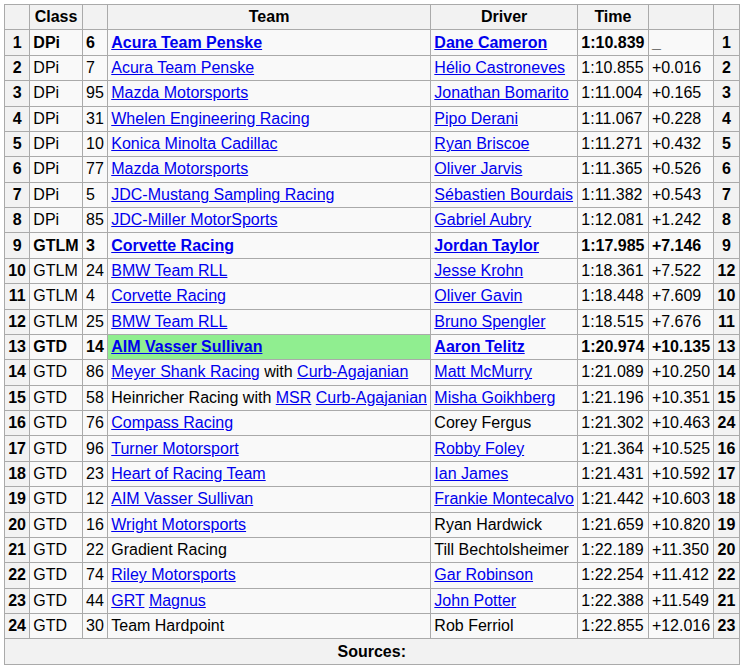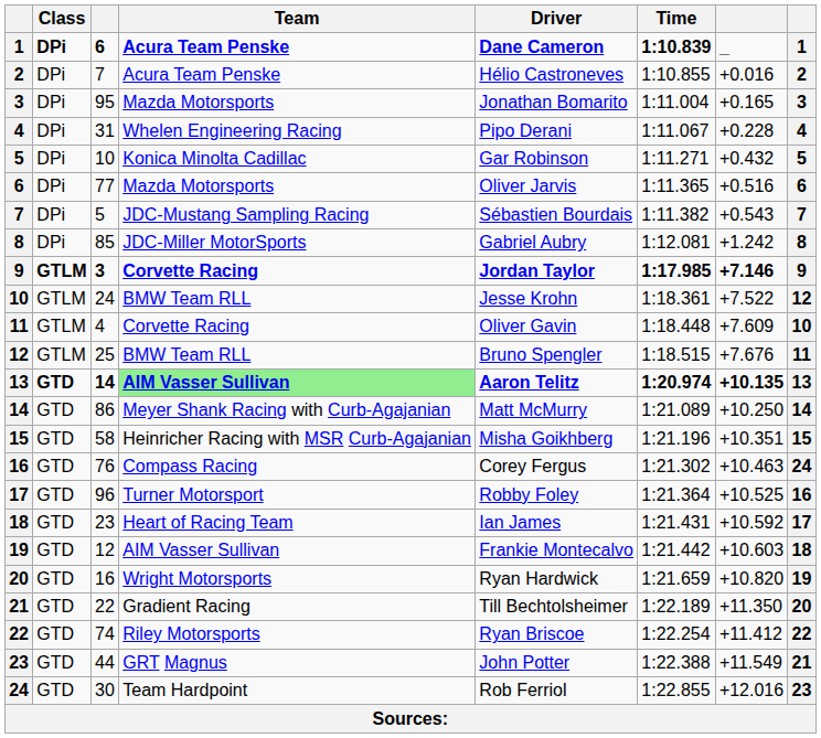 <table class="wikitable">
 <tr>
 <th scope="col"></th>
 <th scope="col">Class</th>
 <th scope="col"></th>
 <th scope="col">Team</th>
 <th scope="col">Driver</th>
 <th scope="col">Time</th>
 <th scope="col"></th>
 <th scope="col"></th>
 </tr>
 <tr style="font-weight:bold">
 <th scope="row">1</th>
 <td>DPi</td>
 <td>6</td>
 <td> <a href='#'>Acura Team Penske</a></td>
 <td> <a href='#'>Dane Cameron</a></td>
 <td>1:10.839</td>
 <td><strong>_</strong></td>
 <th><strong>1</strong></th>
 </tr>
 <tr>
 <th scope="row">2</th>
 <td>DPi</td>
 <td>7</td>
 <td> <a href='#'>Acura Team Penske</a></td>
 <td> <a href='#'>Hélio Castroneves</a></td>
 <td>1:10.855</td>
 <td>+0.016</td>
 <th>2</th>
 </tr>
 <tr>
 <th scope="row">3</th>
 <td>DPi</td>
 <td>95</td>
 <td> <a href='#'>Mazda Motorsports</a></td>
 <td> <a href='#'>Jonathan Bomarito</a></td>
 <td>1:11.004</td>
 <td>+0.165</td>
 <th>3</th>
 </tr>
 <tr>
 <th scope="row">4</th>
 <td>DPi</td>
 <td>31</td>
 <td> <a href='#'>Whelen Engineering Racing</a></td>
 <td> <a href='#'>Pipo Derani</a></td>
 <td>1:11.067</td>
 <td>+0.228</td>
 <th>4</th>
 </tr>
 <tr>
 <th scope="row">5</th>
 <td>DPi</td>
 <td>10</td>
 <td> <a href='#'>Konica Minolta Cadillac</a></td>
-<td> <a href='#'>Ryan Briscoe</a></td>
+<td> <a href='#'>Gar Robinson</a></td>
 <td>1:11.271</td>
 <td>+0.432</td>
 <th>5</th>
 </tr>
 <tr>
 <th scope="row">6</th>
 <td>DPi</td>
 <td>77</td>
 <td> <a href='#'>Mazda Motorsports</a></td>
 <td> <a href='#'>Oliver Jarvis</a></td>
 <td>1:11.365</td>
-<td>+0.526</td>
+<td>+0.516</td>
 <th>6</th>
 </tr>
 <tr>
 <th scope="row">7</th>
 <td>DPi</td>
 <td>5</td>
 <td> <a href='#'>JDC-Mustang Sampling Racing</a></td>
 <td> <a href='#'>Sébastien Bourdais</a></td>
 <td>1:11.382</td>
 <td>+0.543</td>
 <th>7</th>
 </tr>
 <tr>
 <th scope="row">8</th>
 <td>DPi</td>
 <td>85</td>
 <td> <a href='#'>JDC-Miller MotorSports</a></td>
 <td> <a href='#'>Gabriel Aubry</a></td>
 <td>1:12.081</td>
 <td>+1.242</td>
 <th>8</th>
 </tr>
 <tr style="font-weight:bold">
 <th scope="row">9</th>
 <td>GTLM</td>
 <td>3</td>
 <td> <a href='#'>Corvette Racing</a></td>
 <td> <a href='#'>Jordan Taylor</a></td>
 <td>1:17.985</td>
 <td>+7.146</td>
 <th><strong>9</strong></th>
 </tr>
 <tr>
 <th scope="row">10</th>
 <td>GTLM</td>
 <td>24</td>
 <td> <a href='#'>BMW Team RLL</a></td>
 <td> <a href='#'>Jesse Krohn</a></td>
 <td>1:18.361</td>
 <td>+7.522</td>
 <th>12</th>
 </tr>
 <tr>
 <th scope="row">11</th>
 <td>GTLM</td>
 <td>4</td>
 <td> <a href='#'>Corvette Racing</a></td>
 <td> <a href='#'>Oliver Gavin</a></td>
 <td>1:18.448</td>
 <td>+7.609</td>
 <th>10</th>
 </tr>
 <tr>
 <th scope="row">12</th>
 <td>GTLM</td>
 <td>25</td>
 <td> <a href='#'>BMW Team RLL</a></td>
 <td> <a href='#'>Bruno Spengler</a></td>
 <td>1:18.515</td>
 <td>+7.676</td>
 <th>11</th>
 </tr>
 <tr style="font-weight:bold">
 <th scope="row">13</th>
 <td>GTD</td>
 <td>14</td>
 <td style="background: lightgreen;"> <a href='#'>AIM Vasser Sullivan</a></td>
 <td> <a href='#'>Aaron Telitz</a></td>
 <td>1:20.974</td>
 <td>+10.135</td>
 <th><strong>13</strong></th>
 </tr>
 <tr>
 <th scope="row">14</th>
 <td>GTD</td>
 <td>86</td>
 <td> <a href='#'>Meyer Shank Racing</a> with <a href='#'>Curb-Agajanian</a></td>
 <td> <a href='#'>Matt McMurry</a></td>
 <td>1:21.089</td>
 <td>+10.250</td>
 <th>14</th>
 </tr>
 <tr>
 <th scope="row">15</th>
 <td>GTD</td>
 <td>58</td>
 <td> Heinricher Racing with <a href='#'>MSR</a> <a href='#'>Curb-Agajanian</a></td>
 <td> <a href='#'>Misha Goikhberg</a></td>
 <td>1:21.196</td>
 <td>+10.351</td>
 <th>15</th>
 </tr>
 <tr>
 <th scope="row">16</th>
 <td>GTD</td>
 <td>76</td>
 <td> <a href='#'>Compass Racing</a></td>
 <td> Corey Fergus</td>
 <td>1:21.302</td>
 <td>+10.463</td>
 <th>24</th>
 </tr>
 <tr>
 <th scope="row">17</th>
 <td>GTD</td>
 <td>96</td>
 <td> <a href='#'>Turner Motorsport</a></td>
 <td> <a href='#'>Robby Foley</a></td>
 <td>1:21.364</td>
 <td>+10.525</td>
 <th>16</th>
 </tr>
 <tr>
 <th scope="row">18</th>
 <td>GTD</td>
 <td>23</td>
 <td> <a href='#'>Heart of Racing Team</a></td>
 <td> <a href='#'>Ian James</a></td>
 <td>1:21.431</td>
 <td>+10.592</td>
 <th>17</th>
 </tr>
 <tr>
 <th scope="row">19</th>
 <td>GTD</td>
 <td>12</td>
 <td> <a href='#'>AIM Vasser Sullivan</a></td>
 <td> <a href='#'>Frankie Montecalvo</a></td>
 <td>1:21.442</td>
 <td>+10.603</td>
 <th>18</th>
 </tr>
 <tr>
 <th scope="row">20</th>
 <td>GTD</td>
 <td>16</td>
 <td> <a href='#'>Wright Motorsports</a></td>
 <td> Ryan Hardwick</td>
 <td>1:21.659</td>
 <td>+10.820</td>
 <th>19</th>
 </tr>
 <tr>
 <th scope="row">21</th>
 <td>GTD</td>
 <td>22</td>
 <td> Gradient Racing</td>
 <td> Till Bechtolsheimer</td>
 <td>1:22.189</td>
 <td>+11.350</td>
 <th>20</th>
 </tr>
 <tr>
 <th scope="row">22</th>
 <td>GTD</td>
 <td>74</td>
 <td> <a href='#'>Riley Motorsports</a></td>
-<td> <a href='#'>Gar Robinson</a></td>
+<td> <a href='#'>Ryan Briscoe</a></td>
 <td>1:22.254</td>
 <td>+11.412</td>
 <th>22</th>
 </tr>
 <tr>
 <th scope="row">23</th>
 <td>GTD</td>
 <td>44</td>
 <td> <a href='#'>GRT</a> <a href='#'>Magnus</a></td>
 <td> <a href='#'>John Potter</a></td>
 <td>1:22.388</td>
 <td>+11.549</td>
 <th>21</th>
 </tr>
 <tr>
 <th scope="row">24</th>
 <td>GTD</td>
 <td>30</td>
 <td> Team Hardpoint</td>
 <td> Rob Ferriol</td>
 <td>1:22.855</td>
 <td>+12.016</td>
 <th>23</th>
 </tr>
 <tr>
 <th colspan="8">Sources:</th>
 </tr>
 <tr>
 </tr>
 </table>
